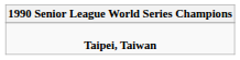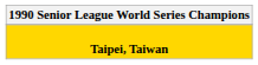 <table class="wikitable" style="text-align: center; margin: 0 auto;">
 <tr>
 <th>1990 Senior League World Series Champions</th>
 </tr>
 <tr>
 </tr>
 <tr>
-<td><br><strong>Taipei, Taiwan</strong></td>
+<td style="background: gold;"><br><strong>Taipei, Taiwan</strong></td>
 </tr>
 </table>
